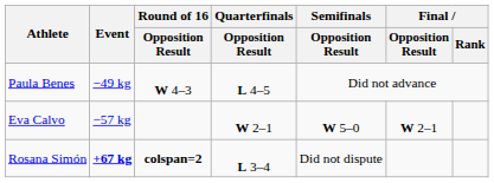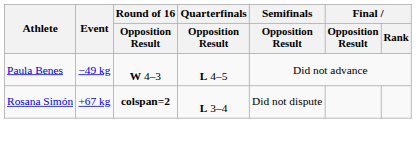 <table class="wikitable" style="font-size:90%">
 <tr>
 <th rowspan="2">Athlete</th>
 <th rowspan="2">Event</th>
 <th>Round of 16</th>
 <th>Quarterfinals</th>
 <th>Semifinals</th>
 <th colspan=2>Final / </th>
 </tr>
 <tr style="font-size:95%">
 <th>Opposition<br>Result</th>
 <th>Opposition<br>Result</th>
 <th>Opposition<br>Result</th>
 <th>Opposition<br>Result</th>
 <th>Rank</th>
 </tr>
 <tr align=center>
 <td align=left><a href='#'>Paula Benes</a></td>
 <td align=left><a href='#'>−49 kg</a></td>
 <td><br><strong>W</strong> 4–3</td>
 <td><br><strong>L</strong> 4–5</td>
 <td colspan=3>Did not advance</td>
 </tr>
 <tr align=center>
-<td align=left><a href='#'>Eva Calvo</a></td>
-<td align=left><a href='#'>−57 kg</a></td>
-<td></td>
-<td><br><strong>W</strong> 2–1</td>
-<td><br><strong>W</strong> 5–0</td>
-<td><br><strong>W</strong> 2–1</td>
-<td></td>
-</tr>
-<tr align=center>
 <td align=left><a href='#'>Rosana Simón</a></td>
-<td align=left><strong><a href='#'>+67 kg</a></strong></td>
+<td align=left><a href='#'>+67 kg</a></td>
 <td><strong>colspan=2 </strong></td>
 <td><br><strong>L</strong> 3–4</td>
 <td>Did not dispute</td>
 <td></td>
 </tr>
 </table>
